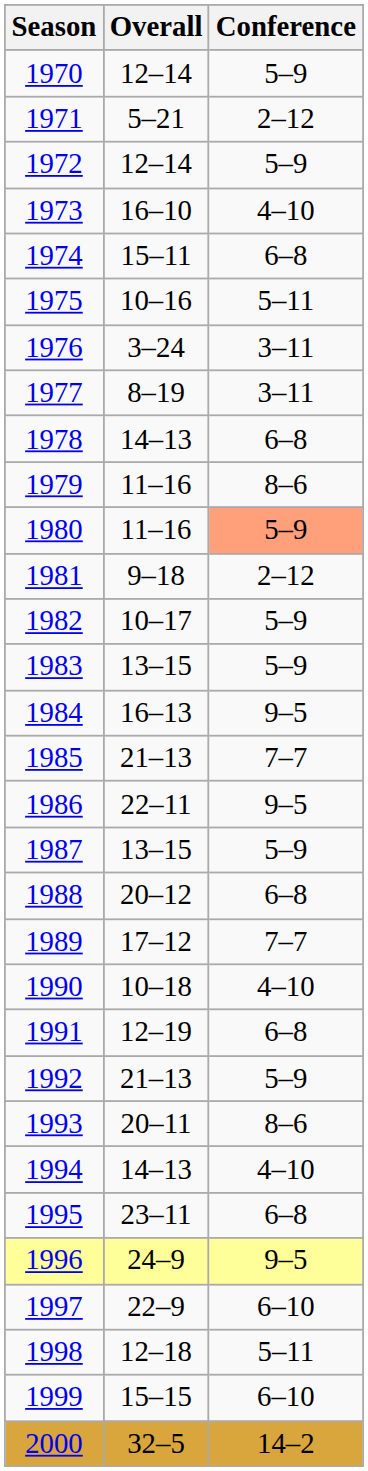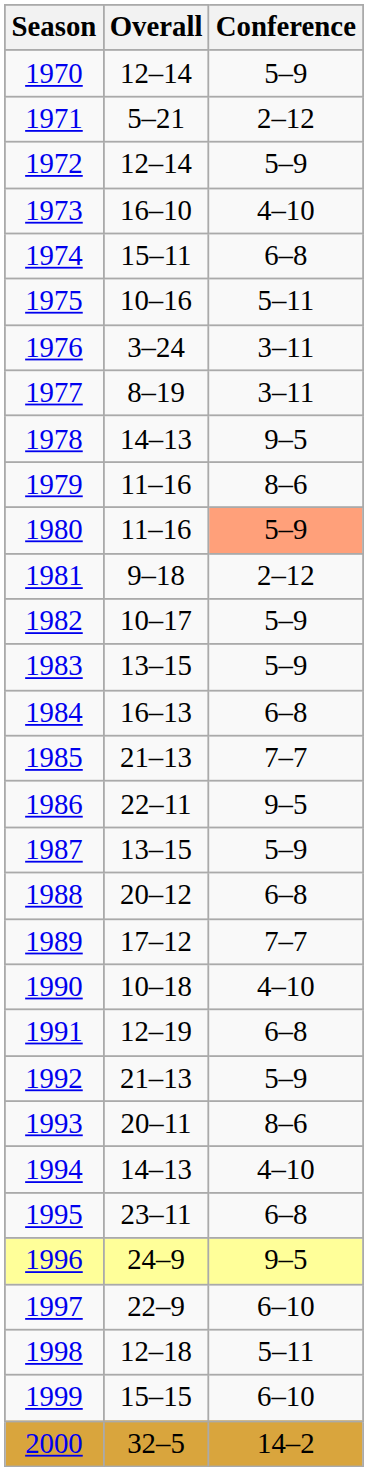 <table class="wikitable" style="text-align: center">
 <tr align=center>
 <th>Season</th>
 <th>Overall</th>
 <th>Conference</th>
 </tr>
 <tr>
 <td><a href='#'>1970</a></td>
 <td>12–14</td>
 <td>5–9</td>
 </tr>
 <tr>
 <td><a href='#'>1971</a></td>
 <td>5–21</td>
 <td>2–12</td>
 </tr>
 <tr>
 <td><a href='#'>1972</a></td>
 <td>12–14</td>
 <td>5–9</td>
 </tr>
 <tr>
 <td><a href='#'>1973</a></td>
 <td>16–10</td>
 <td>4–10</td>
 </tr>
 <tr>
 <td><a href='#'>1974</a></td>
 <td>15–11</td>
 <td>6–8</td>
 </tr>
 <tr>
 <td><a href='#'>1975</a></td>
 <td>10–16</td>
 <td>5–11</td>
 </tr>
 <tr>
 <td><a href='#'>1976</a></td>
 <td>3–24</td>
 <td>3–11</td>
 </tr>
 <tr>
 <td><a href='#'>1977</a></td>
 <td>8–19</td>
 <td>3–11</td>
 </tr>
 <tr>
 <td><a href='#'>1978</a></td>
 <td>14–13</td>
-<td>6–8</td>
+<td>9–5</td>
 </tr>
 <tr>
 <td><a href='#'>1979</a></td>
 <td>11–16</td>
 <td>8–6</td>
 </tr>
 <tr>
 <td><a href='#'>1980</a></td>
 <td>11–16</td>
 <td style="background: lightsalmon;">5–9</td>
 </tr>
 <tr>
 <td><a href='#'>1981</a></td>
 <td>9–18</td>
 <td>2–12</td>
 </tr>
 <tr>
 <td><a href='#'>1982</a></td>
 <td>10–17</td>
 <td>5–9</td>
 </tr>
 <tr>
 <td><a href='#'>1983</a></td>
 <td>13–15</td>
 <td>5–9</td>
 </tr>
 <tr>
 <td><a href='#'>1984</a></td>
 <td>16–13</td>
-<td>9–5</td>
+<td>6–8</td>
 </tr>
 <tr>
 <td><a href='#'>1985</a></td>
 <td>21–13</td>
 <td>7–7</td>
 </tr>
 <tr>
 <td><a href='#'>1986</a></td>
 <td>22–11</td>
 <td>9–5</td>
 </tr>
 <tr>
 <td><a href='#'>1987</a></td>
 <td>13–15</td>
 <td>5–9</td>
 </tr>
 <tr>
 <td><a href='#'>1988</a></td>
 <td>20–12</td>
 <td>6–8</td>
 </tr>
 <tr>
 <td><a href='#'>1989</a></td>
 <td>17–12</td>
 <td>7–7</td>
 </tr>
 <tr>
 <td><a href='#'>1990</a></td>
 <td>10–18</td>
 <td>4–10</td>
 </tr>
 <tr>
 <td><a href='#'>1991</a></td>
 <td>12–19</td>
 <td>6–8</td>
 </tr>
 <tr>
 <td><a href='#'>1992</a></td>
 <td>21–13</td>
 <td>5–9</td>
 </tr>
 <tr>
 <td><a href='#'>1993</a></td>
 <td>20–11</td>
 <td>8–6</td>
 </tr>
 <tr>
 <td><a href='#'>1994</a></td>
 <td>14–13</td>
 <td>4–10</td>
 </tr>
 <tr>
 <td><a href='#'>1995</a></td>
 <td>23–11</td>
 <td>6–8</td>
 </tr>
 <tr style="background:#ff9;">
 <td><a href='#'>1996</a></td>
 <td style="background:#ff9;">24–9</td>
 <td style="background:#ff9;">9–5</td>
 </tr>
 <tr>
 <td><a href='#'>1997</a></td>
 <td>22–9</td>
 <td>6–10</td>
 </tr>
 <tr>
 <td><a href='#'>1998</a></td>
 <td>12–18</td>
 <td>5–11</td>
 </tr>
 <tr>
 <td><a href='#'>1999</a></td>
 <td>15–15</td>
 <td>6–10</td>
 </tr>
 <tr style="background:#d9a53d;">
 <td><a href='#'>2000</a></td>
 <td style="background:#d9a53d;">32–5</td>
 <td style="background:#d9a53d;">14–2</td>
 </tr>
 </table>
